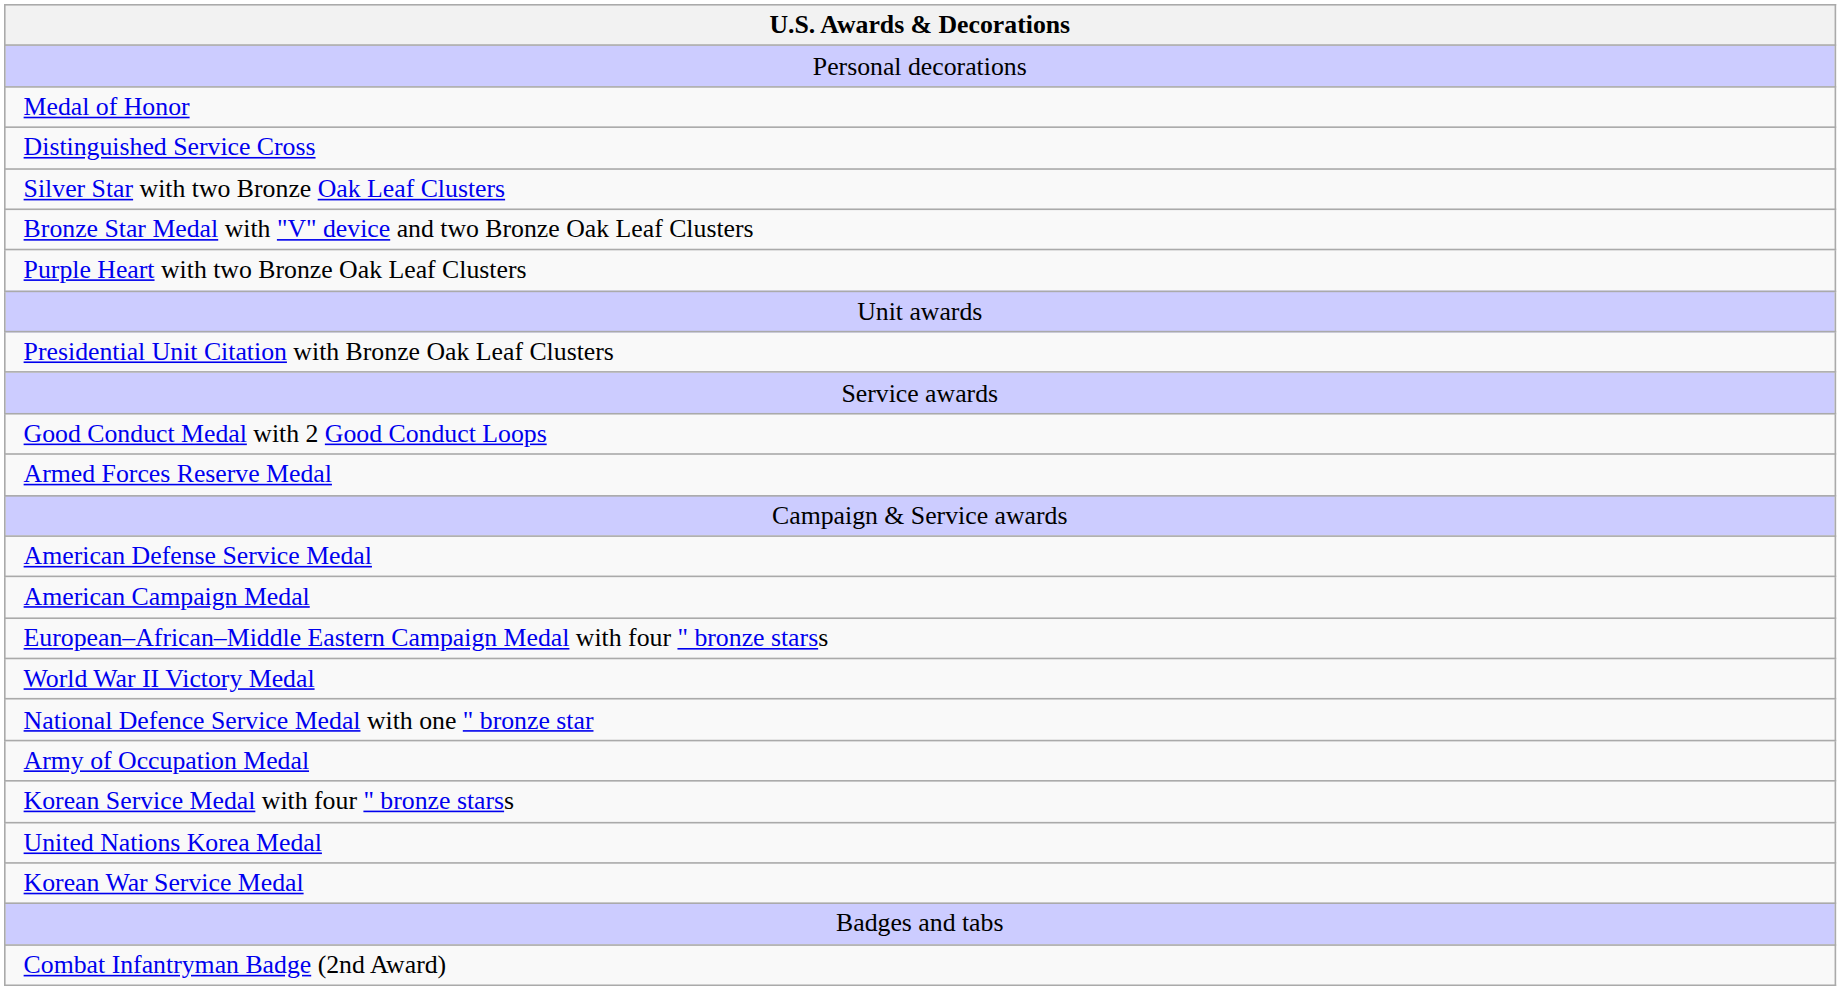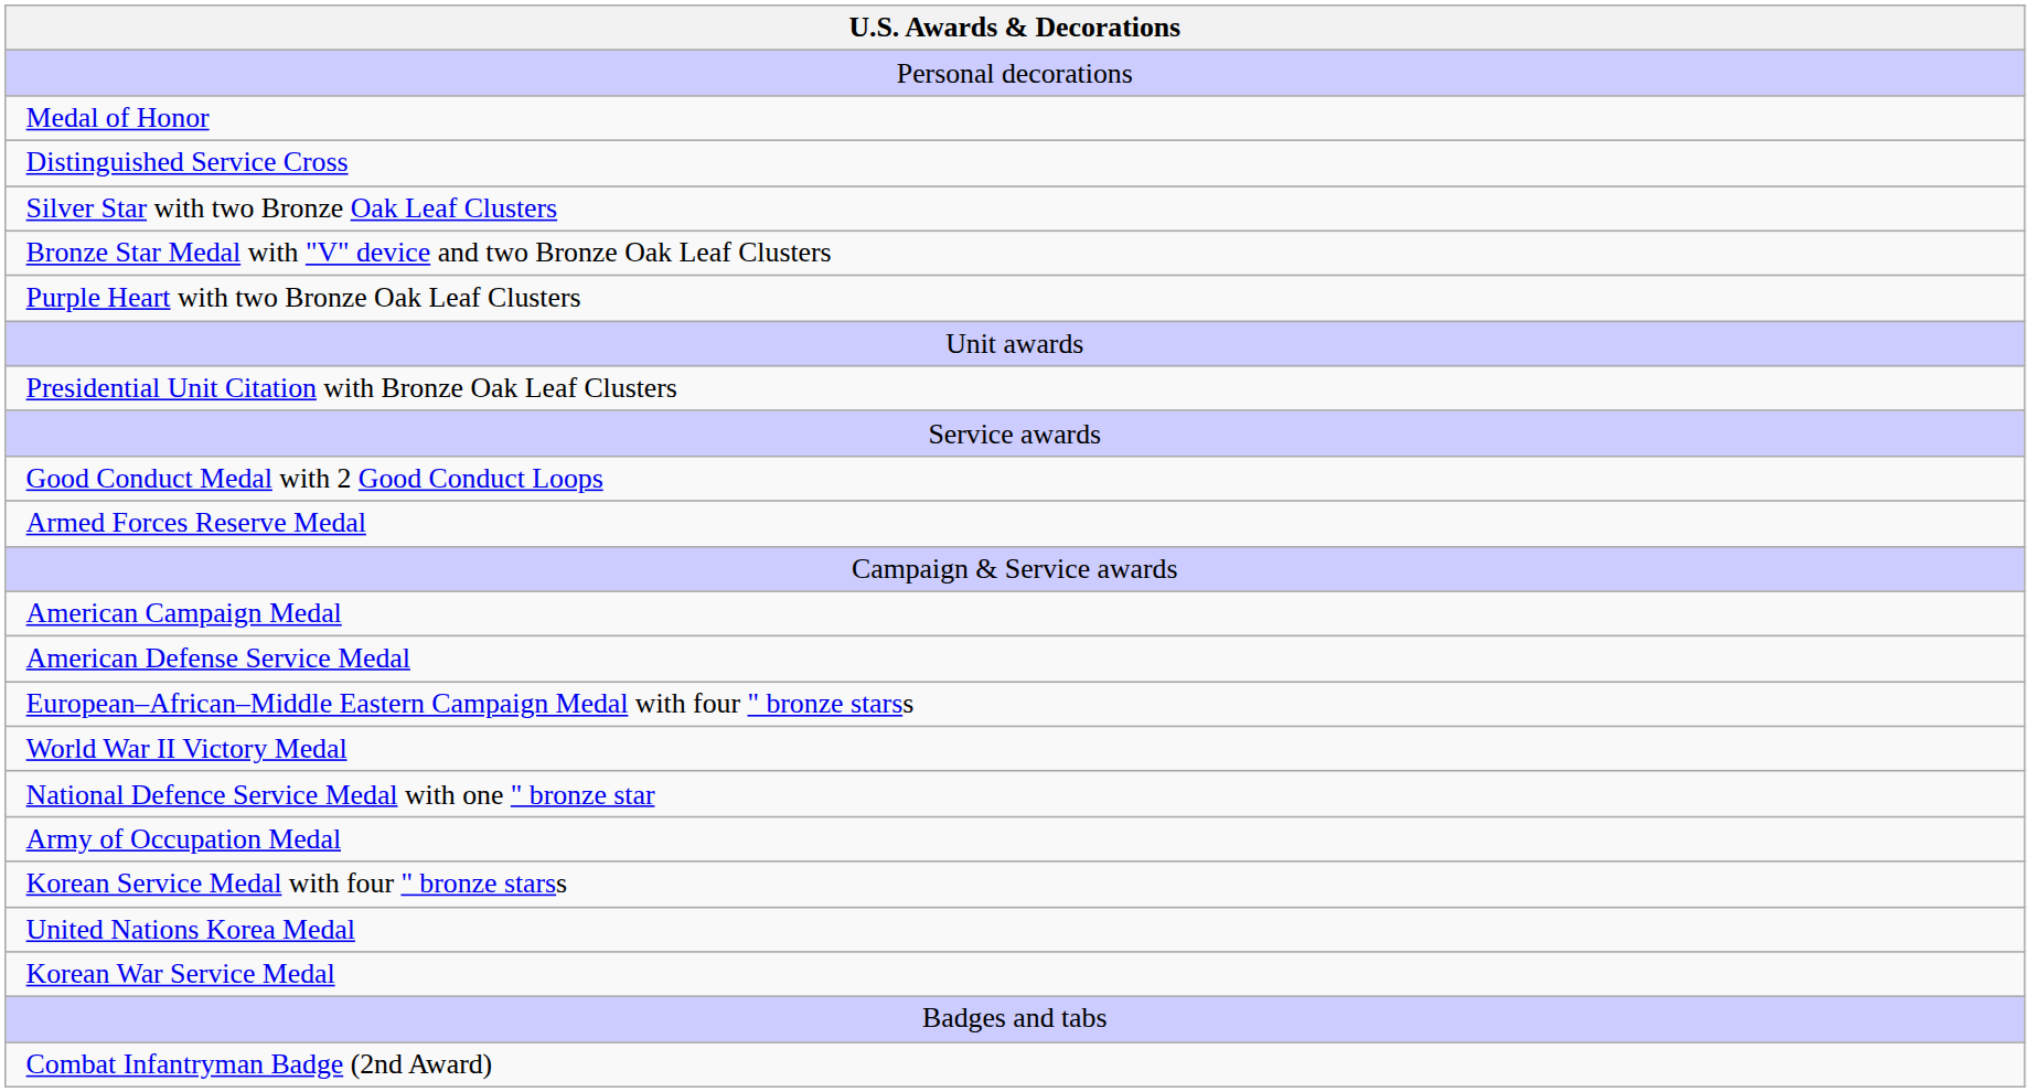 <table class="wikitable" style="width:90%;">
 <tr>
 <th>U.S. Awards & Decorations</th>
 </tr>
 <tr style="background:#ccf; text-align:center;">
 <td>Personal decorations</td>
 </tr>
 <tr>
 <td>  <a href='#'>Medal of Honor</a></td>
 </tr>
 <tr>
 <td>  <a href='#'>Distinguished Service Cross</a></td>
 </tr>
 <tr>
 <td>  <a href='#'>Silver Star</a> with two Bronze <a href='#'>Oak Leaf Clusters</a></td>
 </tr>
 <tr>
 <td>  <a href='#'>Bronze Star Medal</a> with <a href='#'>"V" device</a> and two Bronze Oak Leaf Clusters</td>
 </tr>
 <tr>
 <td>  <a href='#'>Purple Heart</a> with two Bronze Oak Leaf Clusters</td>
 </tr>
 <tr style="background:#ccf; text-align:center;">
 <td>Unit awards</td>
 </tr>
 <tr>
 <td>  <a href='#'>Presidential Unit Citation</a> with Bronze Oak Leaf Clusters</td>
 </tr>
 <tr style="background:#ccccff;" align=center>
 <td>Service awards</td>
 </tr>
 <tr>
 <td>  <a href='#'>Good Conduct Medal</a> with 2 <a href='#'>Good Conduct Loops</a></td>
 </tr>
 <tr>
 <td>  <a href='#'>Armed Forces Reserve Medal</a></td>
 </tr>
 <tr style="background:#ccf; text-align:center;">
 <td>Campaign & Service awards</td>
 </tr>
 <tr>
-<td>  <a href='#'>American Defense Service Medal</a></td>
+<td>  <a href='#'>American Campaign Medal</a></td>
 </tr>
 <tr>
-<td>  <a href='#'>American Campaign Medal</a></td>
+<td>  <a href='#'>American Defense Service Medal</a></td>
 </tr>
 <tr>
 <td>  <a href='#'>European–African–Middle Eastern Campaign Medal</a> with four <a href='#'>" bronze stars</a>s</td>
 </tr>
 <tr>
 <td>  <a href='#'>World War II Victory Medal</a></td>
 </tr>
 <tr>
 <td>  <a href='#'>National Defence Service Medal</a> with one <a href='#'>" bronze star</a></td>
 </tr>
 <tr>
 <td>  <a href='#'>Army of Occupation Medal</a></td>
 </tr>
 <tr>
 <td>  <a href='#'>Korean Service Medal</a> with four <a href='#'>" bronze stars</a>s</td>
 </tr>
 <tr>
 <td>  <a href='#'>United Nations Korea Medal</a></td>
 </tr>
 <tr>
 <td>  <a href='#'>Korean War Service Medal</a></td>
 </tr>
 <tr style="background:#ccf; text-align:center;">
 <td>Badges and tabs</td>
 </tr>
 <tr>
 <td>  <a href='#'>Combat Infantryman Badge</a> (2nd Award)</td>
 </tr>
 </table>
